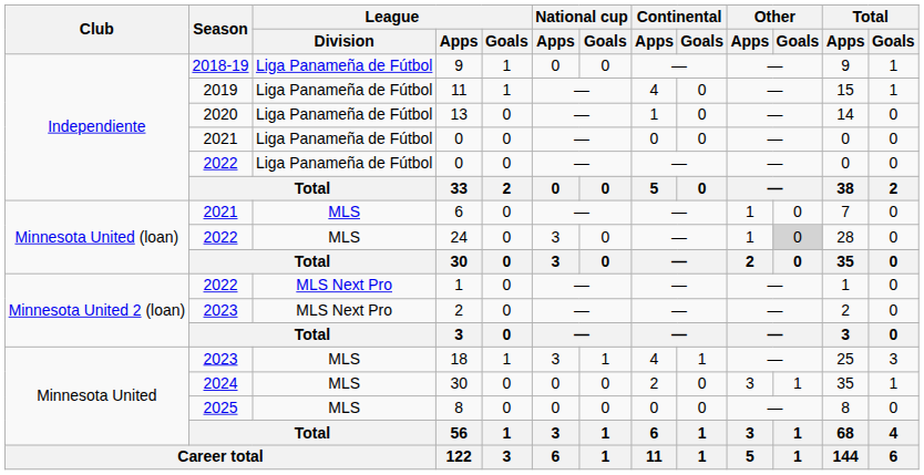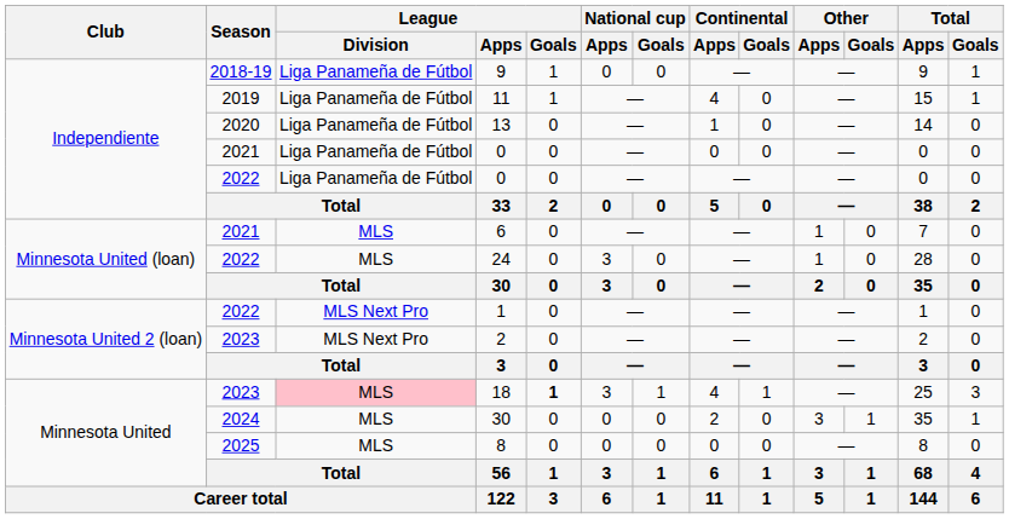 <table class="wikitable" style="text-align: center">
 <tr>
 <th rowspan="2">Club</th>
 <th rowspan="2">Season</th>
 <th colspan="3">League</th>
 <th colspan="2">National cup</th>
 <th colspan="2">Continental</th>
 <th colspan="2">Other</th>
 <th colspan="2">Total</th>
 </tr>
 <tr>
 <th>Division</th>
 <th>Apps</th>
 <th>Goals</th>
 <th>Apps</th>
 <th>Goals</th>
 <th>Apps</th>
 <th>Goals</th>
 <th>Apps</th>
 <th>Goals</th>
 <th>Apps</th>
 <th>Goals</th>
 </tr>
 <tr>
 <td rowspan="6"><a href='#'>Independiente</a></td>
 <td><a href='#'>2018-19</a></td>
 <td><a href='#'>Liga Panameña de Fútbol</a></td>
 <td>9</td>
 <td>1</td>
 <td>0</td>
 <td>0</td>
 <td colspan="2">—</td>
 <td colspan="2">—</td>
 <td>9</td>
 <td>1</td>
 </tr>
 <tr>
 <td>2019</td>
 <td>Liga Panameña de Fútbol</td>
 <td>11</td>
 <td>1</td>
 <td colspan="2">—</td>
 <td>4</td>
 <td>0</td>
 <td colspan="2">—</td>
 <td>15</td>
 <td>1</td>
 </tr>
 <tr>
 <td>2020</td>
 <td>Liga Panameña de Fútbol</td>
 <td>13</td>
 <td>0</td>
 <td colspan="2">—</td>
 <td>1</td>
 <td>0</td>
 <td colspan="2">—</td>
 <td>14</td>
 <td>0</td>
 </tr>
 <tr>
 <td>2021</td>
 <td>Liga Panameña de Fútbol</td>
 <td>0</td>
 <td>0</td>
 <td colspan="2">—</td>
 <td>0</td>
 <td>0</td>
 <td colspan="2">—</td>
 <td>0</td>
 <td>0</td>
 </tr>
 <tr>
 <td><a href='#'>2022</a></td>
 <td>Liga Panameña de Fútbol</td>
 <td>0</td>
 <td>0</td>
 <td colspan="2">—</td>
 <td colspan="2">—</td>
 <td colspan="2">—</td>
 <td>0</td>
 <td>0</td>
 </tr>
 <tr>
 <th colspan="2">Total</th>
 <th>33</th>
 <th>2</th>
 <th>0</th>
 <th>0</th>
 <th>5</th>
 <th>0</th>
 <th colspan="2">—</th>
 <th>38</th>
 <th>2</th>
 </tr>
 <tr>
 <td rowspan="3"><a href='#'>Minnesota United</a> (loan)</td>
 <td><a href='#'>2021</a></td>
 <td><a href='#'>MLS</a></td>
 <td>6</td>
 <td>0</td>
 <td colspan="2">—</td>
 <td colspan="2">—</td>
 <td>1</td>
 <td>0</td>
 <td>7</td>
 <td>0</td>
 </tr>
 <tr>
 <td><a href='#'>2022</a></td>
 <td>MLS</td>
 <td>24</td>
 <td>0</td>
 <td>3</td>
 <td>0</td>
 <td colspan="2">—</td>
 <td>1</td>
-<td style="background: lightgrey;">0</td>
+<td>0</td>
 <td>28</td>
 <td>0</td>
 </tr>
 <tr>
 <th colspan="2">Total</th>
 <th>30</th>
 <th>0</th>
 <th>3</th>
 <th>0</th>
 <th colspan="2">—</th>
 <th>2</th>
 <th>0</th>
 <th>35</th>
 <th>0</th>
 </tr>
 <tr>
 <td rowspan="3"><a href='#'>Minnesota United 2</a> (loan)</td>
 <td><a href='#'>2022</a></td>
 <td><a href='#'>MLS Next Pro</a></td>
 <td>1</td>
 <td>0</td>
 <td colspan="2">—</td>
 <td colspan="2">—</td>
 <td colspan="2">—</td>
 <td>1</td>
 <td>0</td>
 </tr>
 <tr>
 <td><a href='#'>2023</a></td>
 <td>MLS Next Pro</td>
 <td>2</td>
 <td>0</td>
 <td colspan="2">—</td>
 <td colspan="2">—</td>
 <td colspan="2">—</td>
 <td>2</td>
 <td>0</td>
 </tr>
 <tr>
 <th colspan="2">Total</th>
 <th>3</th>
 <th>0</th>
 <th colspan="2">—</th>
 <th colspan="2">—</th>
 <th colspan="2">—</th>
 <th>3</th>
 <th>0</th>
 </tr>
 <tr>
 <td rowspan="4">Minnesota United</td>
 <td><a href='#'>2023</a></td>
-<td>MLS</td>
+<td style="background: pink;">MLS</td>
 <td>18</td>
-<td>1</td>
+<td><strong>1</strong></td>
 <td>3</td>
 <td>1</td>
 <td>4</td>
 <td>1</td>
 <td colspan="2">—</td>
 <td>25</td>
 <td>3</td>
 </tr>
 <tr>
 <td><a href='#'>2024</a></td>
 <td>MLS</td>
 <td>30</td>
 <td>0</td>
 <td>0</td>
 <td>0</td>
 <td>2</td>
 <td>0</td>
 <td>3</td>
 <td>1</td>
 <td>35</td>
 <td>1</td>
 </tr>
 <tr>
 <td><a href='#'>2025</a></td>
 <td>MLS</td>
 <td>8</td>
 <td>0</td>
 <td>0</td>
 <td>0</td>
 <td>0</td>
 <td>0</td>
 <td colspan="2">—</td>
 <td>8</td>
 <td>0</td>
 </tr>
 <tr>
 <th colspan="2">Total</th>
 <th>56</th>
 <th>1</th>
 <th>3</th>
 <th>1</th>
 <th>6</th>
 <th>1</th>
 <th>3</th>
 <th>1</th>
 <th>68</th>
 <th>4</th>
 </tr>
 <tr>
 <th colspan="3">Career total</th>
 <th>122</th>
 <th>3</th>
 <th>6</th>
 <th>1</th>
 <th>11</th>
 <th>1</th>
 <th>5</th>
 <th>1</th>
 <th>144</th>
 <th>6</th>
 </tr>
 </table>
